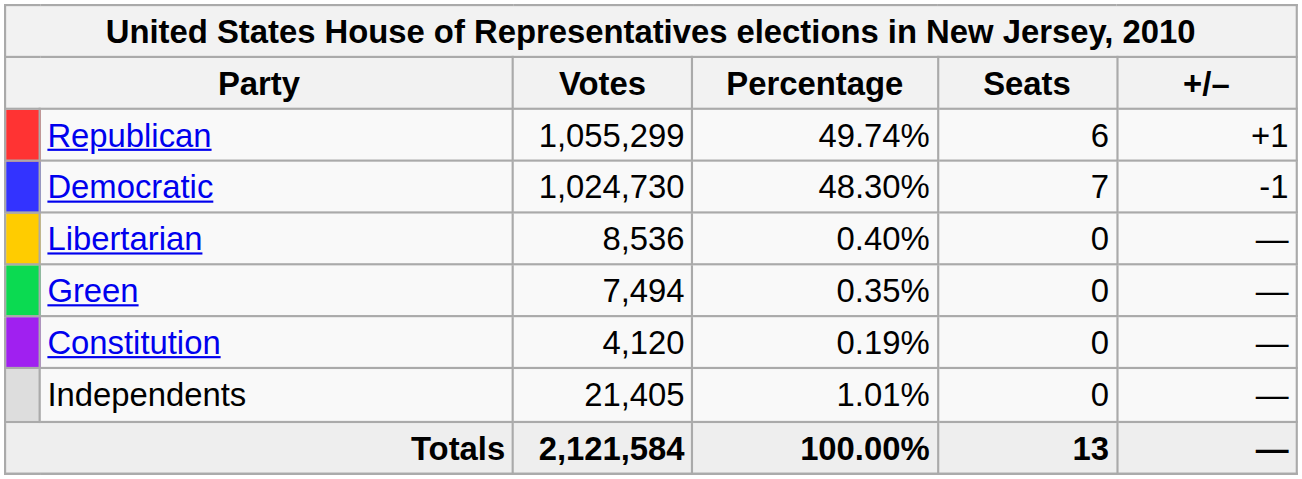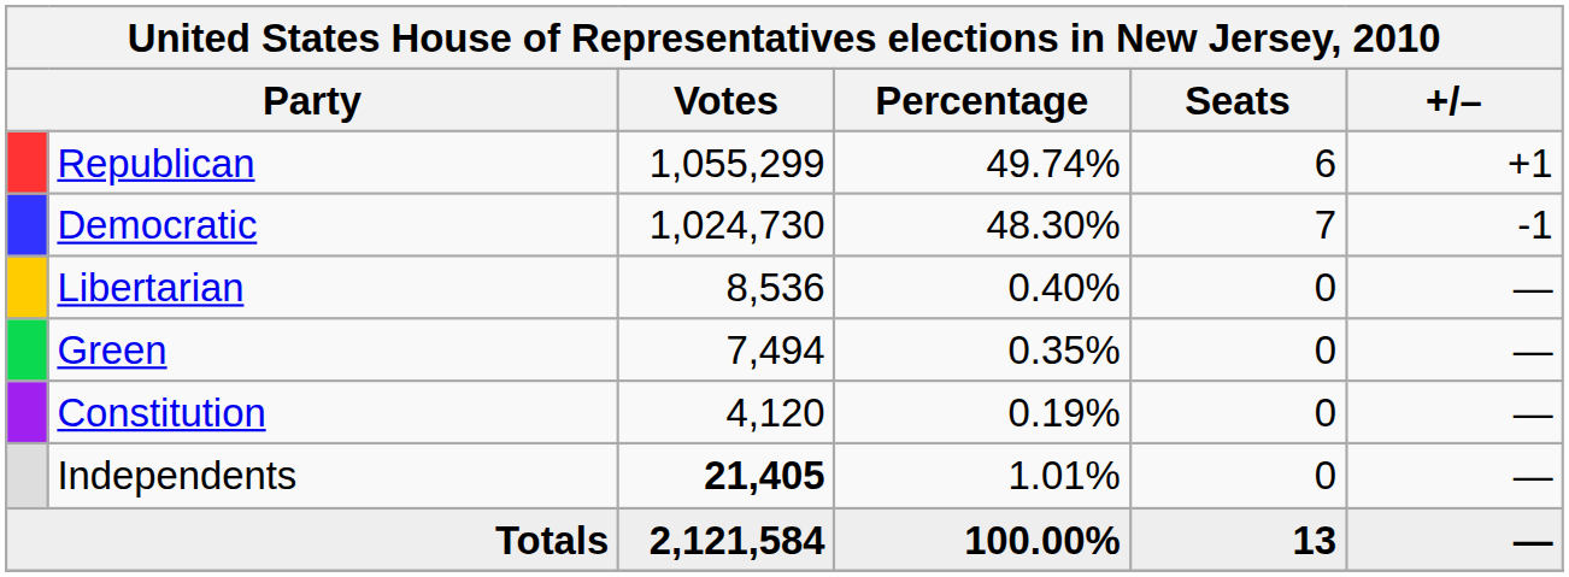 <table class="wikitable" style="font-size: 95%;">
 <tr>
 <th colspan="6">United States House of Representatives elections in New Jersey, 2010</th>
 </tr>
 <tr>
 <th colspan=2 style="width: 15em">Party</th>
 <th style="width: 5em">Votes</th>
 <th style="width: 7em">Percentage</th>
 <th style="width: 5em">Seats</th>
 <th style="width: 5em">+/–</th>
 </tr>
 <tr>
 <th style="background-color:#FF3333; width: 3px"></th>
 <td style="width: 130px"><a href='#'>Republican</a></td>
 <td align="right">1,055,299</td>
 <td align="right">49.74%</td>
 <td align="right">6</td>
 <td align="right">+1</td>
 </tr>
 <tr>
 <th style="background-color:#3333FF; width: 3px"></th>
 <td style="width: 130px"><a href='#'>Democratic</a></td>
 <td align="right">1,024,730</td>
 <td align="right">48.30%</td>
 <td align="right">7</td>
 <td align="right">-1</td>
 </tr>
 <tr>
 <th style="background-color:#FFCC00; width: 3px"></th>
 <td style="width: 130px"><a href='#'>Libertarian</a></td>
 <td align="right">8,536</td>
 <td align="right">0.40%</td>
 <td align="right">0</td>
 <td align="right">—</td>
 </tr>
 <tr>
 <th style="background-color:#0BDA51; width: 3px"></th>
 <td style="width: 130px"><a href='#'>Green</a></td>
 <td align="right">7,494</td>
 <td align="right">0.35%</td>
 <td align="right">0</td>
 <td align="right">—</td>
 </tr>
 <tr>
 <th style="background-color:#A020F0; width: 3px"></th>
 <td style="width: 130px"><a href='#'>Constitution</a></td>
 <td align="right">4,120</td>
 <td align="right">0.19%</td>
 <td align="right">0</td>
 <td align="right">—</td>
 </tr>
 <tr>
 <th style="background-color:#DDDDDD; width: 3px"></th>
 <td style="width: 130px">Independents</td>
-<td align="right">21,405</td>
+<td align="right"><strong>21,405</strong></td>
 <td align="right">1.01%</td>
 <td align="right">0</td>
 <td align="right">—</td>
 </tr>
 <tr bgcolor="#EEEEEE">
 <td colspan="2" align="right"><strong>Totals</strong></td>
 <td align="right"><strong>2,121,584</strong></td>
 <td align="right"><strong>100.00%</strong></td>
 <td align="right"><strong>13</strong></td>
 <td align="right"><strong>—</strong></td>
 </tr>
 <tr bgcolor="#EEEEEE">
 </tr>
 </table>
